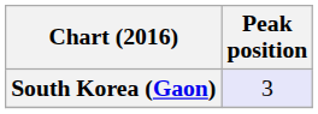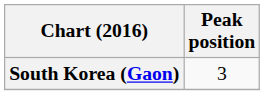 <table class="wikitable sortable plainrowheaders" style="text-align:center;">
 <tr>
 <th>Chart (2016)</th>
 <th>Peak<br>position</th>
 </tr>
 <tr>
 <th scope="row">South Korea (<a href='#'>Gaon</a>)</th>
-<td style="background: lavender;">3</td>
+<td>3</td>
 </tr>
 <tr>
 </tr>
 </table>
